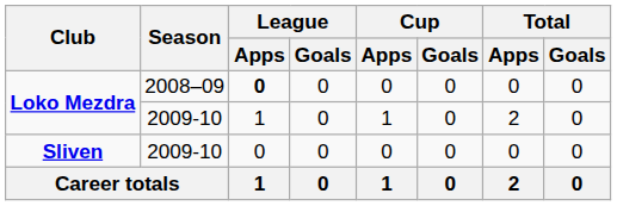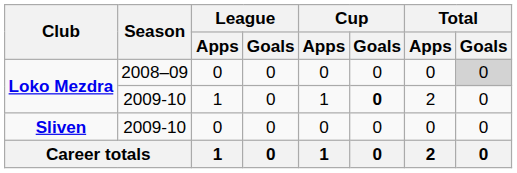 <table class="wikitable" style="font-size:90%; text-align: center;">
 <tr>
 <th rowspan="2">Club</th>
 <th rowspan="2">Season</th>
 <th colspan="2">League</th>
 <th colspan="2">Cup</th>
 <th colspan="2">Total</th>
 </tr>
 <tr>
 <th>Apps</th>
 <th>Goals</th>
 <th>Apps</th>
 <th>Goals</th>
 <th>Apps</th>
 <th>Goals</th>
 </tr>
 <tr>
 <td rowspan="2" valign="center"><strong><a href='#'>Loko Mezdra</a></strong></td>
 <td>2008–09</td>
-<td><strong>0</strong></td>
 <td>0</td>
 <td>0</td>
 <td>0</td>
 <td>0</td>
 <td>0</td>
+<td style="background: lightgrey;">0</td>
 </tr>
 <tr>
 <td>2009-10</td>
 <td>1</td>
 <td>0</td>
 <td>1</td>
-<td>0</td>
+<td><strong>0</strong></td>
 <td>2</td>
 <td>0</td>
 </tr>
 <tr>
 <td rowspan="1" valign="center"><strong><a href='#'>Sliven</a></strong></td>
 <td>2009-10</td>
 <td>0</td>
 <td>0</td>
 <td>0</td>
 <td>0</td>
 <td>0</td>
 <td>0</td>
 </tr>
 <tr>
 <th colspan="2">Career totals</th>
 <th>1</th>
 <th>0</th>
 <th>1</th>
 <th>0</th>
 <th>2</th>
 <th>0</th>
 </tr>
 </table>
